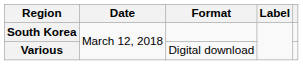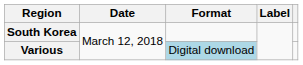 <table class="wikitable plainrowheaders">
 <tr>
 <th>Region</th>
 <th>Date</th>
 <th>Format</th>
 <th>Label</th>
 <th></th>
 </tr>
 <tr>
 <th scope="row">South Korea</th>
 <td rowspan="2">March 12, 2018</td>
 <td></td>
 <td rowspan="2"></td>
 <td align="center"></td>
 </tr>
 <tr>
 <th scope="row">Various</th>
-<td>Digital download</td>
+<td style="background: lightblue;">Digital download</td>
 <td align="center"></td>
 </tr>
 </table>
